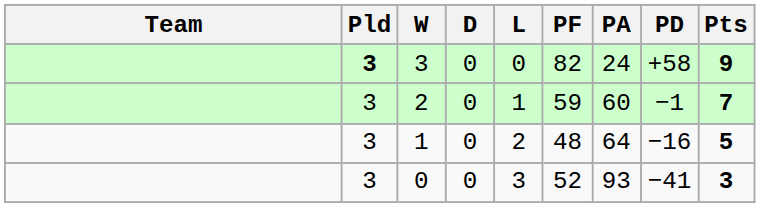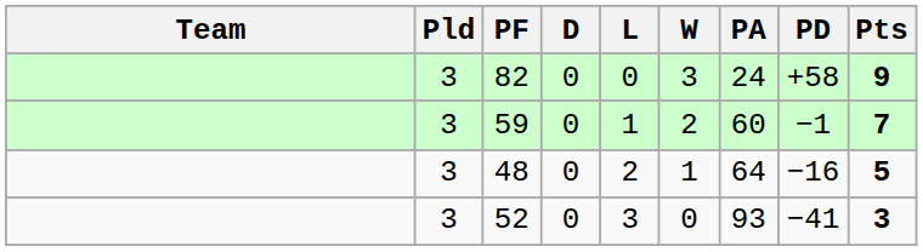 <table class="wikitable" style="text-align:center;">
 <tr>
 <th width=175>Team</th>
 <th style="width:20px;" abbr="Played">Pld</th>
-<th style="width:20px;" abbr="Won">W</th>
+<th style="width:20px;" abbr="Points for">PF</th>
 <th style="width:20px;" abbr="Drawn">D</th>
 <th style="width:20px;" abbr="Lost">L</th>
-<th style="width:20px;" abbr="Points for">PF</th>
+<th style="width:20px;" abbr="Won">W</th>
 <th style="width:20px;" abbr="Points against">PA</th>
 <th style="width:25px;" abbr="Points difference">PD</th>
 <th style="width:20px;" abbr="Points">Pts</th>
 </tr>
 <tr style="background:#cfc;">
 <td align=left></td>
-<td><strong>3</strong></td>
 <td>3</td>
+<td>82</td>
 <td>0</td>
 <td>0</td>
-<td>82</td>
+<td>3</td>
 <td>24</td>
 <td>+58</td>
 <td><strong>9</strong></td>
 </tr>
 <tr style="background:#cfc;">
 <td align=left></td>
 <td>3</td>
-<td>2</td>
+<td>59</td>
 <td>0</td>
 <td>1</td>
-<td>59</td>
+<td>2</td>
 <td>60</td>
 <td>−1</td>
 <td><strong>7</strong></td>
 </tr>
 <tr>
 <td align=left></td>
 <td>3</td>
-<td>1</td>
+<td>48</td>
 <td>0</td>
 <td>2</td>
-<td>48</td>
+<td>1</td>
 <td>64</td>
 <td>−16</td>
 <td><strong>5</strong></td>
 </tr>
 <tr>
 <td align=left></td>
 <td>3</td>
-<td>0</td>
+<td>52</td>
 <td>0</td>
 <td>3</td>
-<td>52</td>
+<td>0</td>
 <td>93</td>
 <td>−41</td>
 <td><strong>3</strong></td>
 </tr>
 </table>
